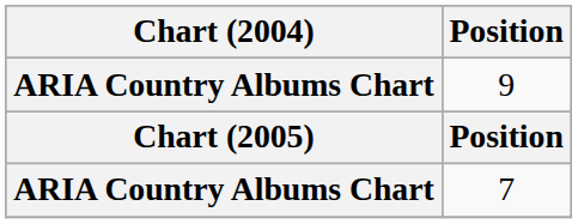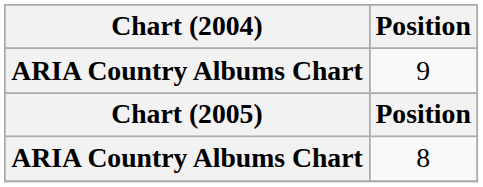 <table class="wikitable sortable plainrowheaders" style="text-align:center">
 <tr>
 <th scope="col">Chart (2004)</th>
 <th scope="col">Position</th>
 </tr>
 <tr>
 <th scope="row">ARIA Country Albums Chart</th>
 <td>9</td>
 </tr>
 <tr>
 <th scope="col">Chart (2005)</th>
 <th scope="col">Position</th>
 </tr>
 <tr>
 <th scope="row">ARIA Country Albums Chart</th>
-<td>7</td>
+<td>8</td>
 </tr>
 <tr>
 </tr>
 </table>
